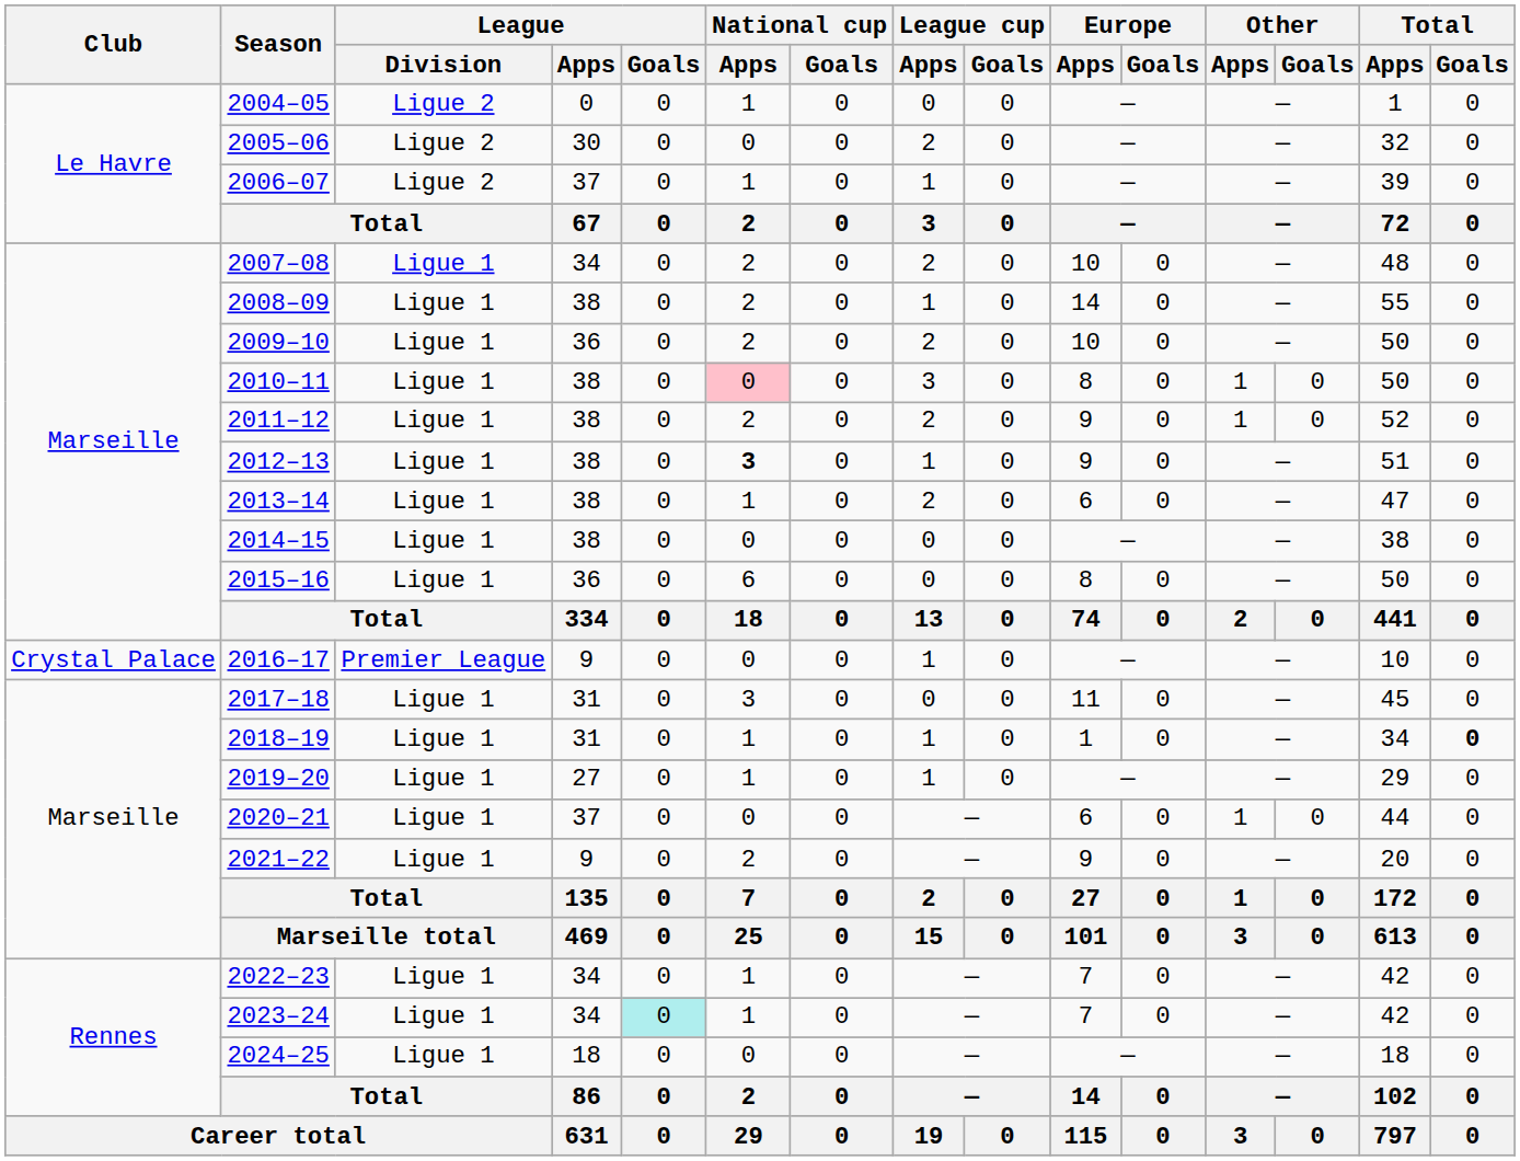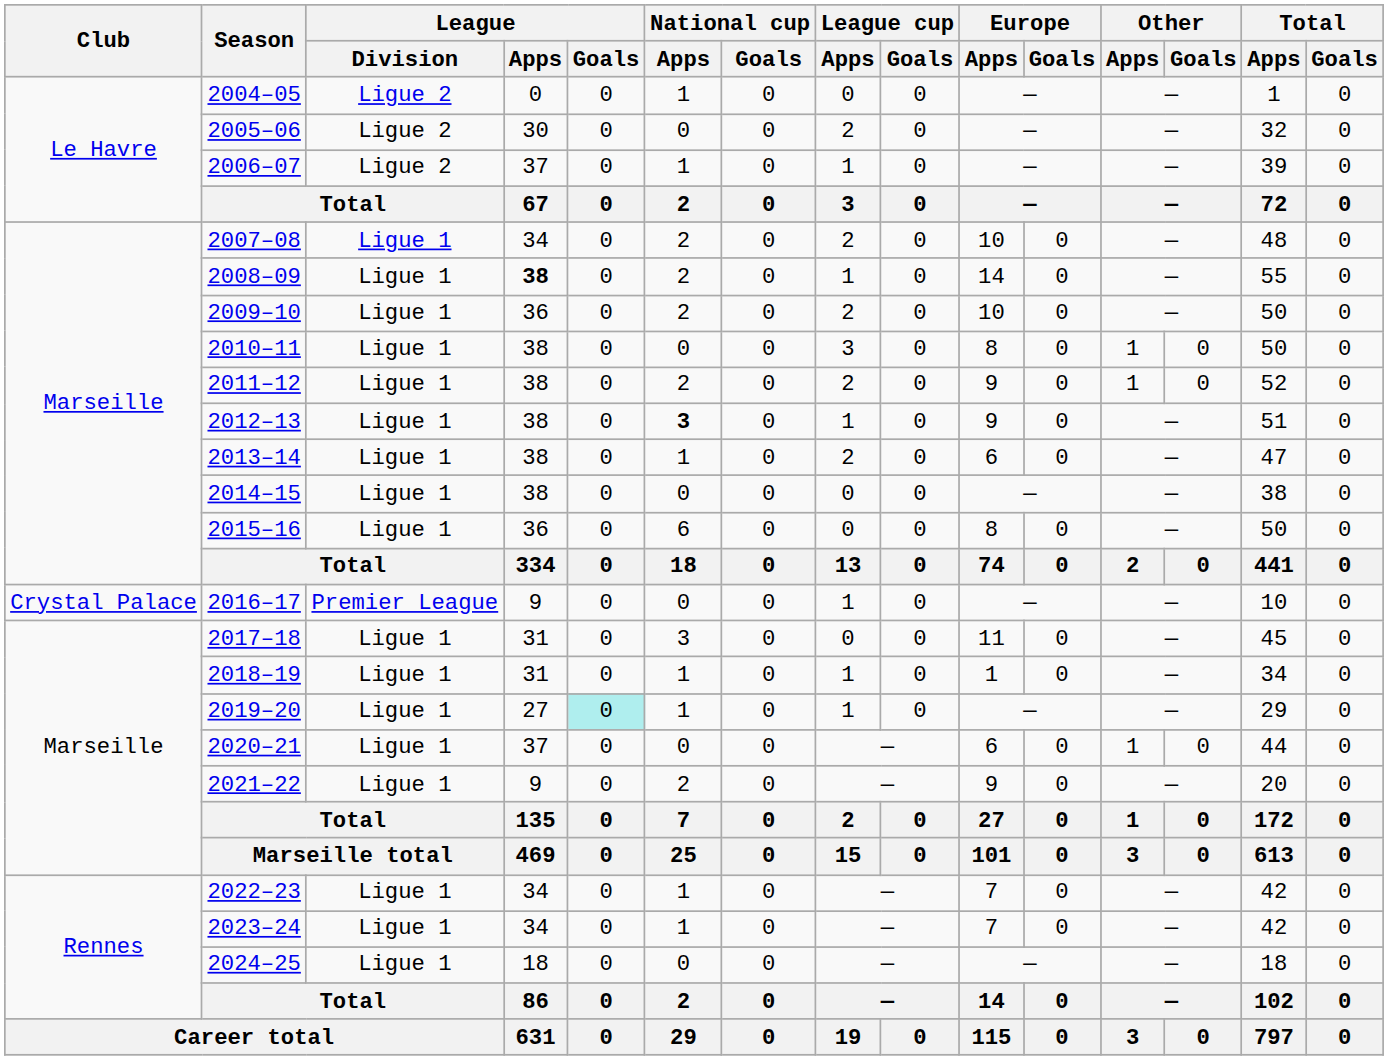 <table class="wikitable" style="text-align: center;">
 <tr>
 <th rowspan="2">Club</th>
 <th rowspan="2">Season</th>
 <th colspan="3">League</th>
 <th colspan="2">National cup</th>
 <th colspan="2">League cup</th>
 <th colspan="2">Europe</th>
 <th colspan="2">Other</th>
 <th colspan="2">Total</th>
 </tr>
 <tr>
 <th>Division</th>
 <th>Apps</th>
 <th>Goals</th>
 <th>Apps</th>
 <th>Goals</th>
 <th>Apps</th>
 <th>Goals</th>
 <th>Apps</th>
 <th>Goals</th>
 <th>Apps</th>
 <th>Goals</th>
 <th>Apps</th>
 <th>Goals</th>
 </tr>
 <tr>
 <td rowspan="4"><a href='#'>Le Havre</a></td>
 <td><a href='#'>2004–05</a></td>
 <td><a href='#'>Ligue 2</a></td>
 <td>0</td>
 <td>0</td>
 <td>1</td>
 <td>0</td>
 <td>0</td>
 <td>0</td>
 <td colspan="2">—</td>
 <td colspan="2">—</td>
 <td>1</td>
 <td>0</td>
 </tr>
 <tr>
 <td><a href='#'>2005–06</a></td>
 <td>Ligue 2</td>
 <td>30</td>
 <td>0</td>
 <td>0</td>
 <td>0</td>
 <td>2</td>
 <td>0</td>
 <td colspan="2">—</td>
 <td colspan="2">—</td>
 <td>32</td>
 <td>0</td>
 </tr>
 <tr>
 <td><a href='#'>2006–07</a></td>
 <td>Ligue 2</td>
 <td>37</td>
 <td>0</td>
 <td>1</td>
 <td>0</td>
 <td>1</td>
 <td>0</td>
 <td colspan="2">—</td>
 <td colspan="2">—</td>
 <td>39</td>
 <td>0</td>
 </tr>
 <tr>
 <th colspan="2">Total</th>
 <th>67</th>
 <th>0</th>
 <th>2</th>
 <th>0</th>
 <th>3</th>
 <th>0</th>
 <th colspan="2">—</th>
 <th colspan="2">—</th>
 <th>72</th>
 <th>0</th>
 </tr>
 <tr>
 <td rowspan="10"><a href='#'>Marseille</a></td>
 <td><a href='#'>2007–08</a></td>
 <td><a href='#'>Ligue 1</a></td>
 <td>34</td>
 <td>0</td>
 <td>2</td>
 <td>0</td>
 <td>2</td>
 <td>0</td>
 <td>10</td>
 <td>0</td>
 <td colspan="2">—</td>
 <td>48</td>
 <td>0</td>
 </tr>
 <tr>
 <td><a href='#'>2008–09</a></td>
 <td>Ligue 1</td>
-<td>38</td>
+<td><strong>38</strong></td>
 <td>0</td>
 <td>2</td>
 <td>0</td>
 <td>1</td>
 <td>0</td>
 <td>14</td>
 <td>0</td>
 <td colspan="2">—</td>
 <td>55</td>
 <td>0</td>
 </tr>
 <tr>
 <td><a href='#'>2009–10</a></td>
 <td>Ligue 1</td>
 <td>36</td>
 <td>0</td>
 <td>2</td>
 <td>0</td>
 <td>2</td>
 <td>0</td>
 <td>10</td>
 <td>0</td>
 <td colspan="2">—</td>
 <td>50</td>
 <td>0</td>
 </tr>
 <tr>
 <td><a href='#'>2010–11</a></td>
 <td>Ligue 1</td>
 <td>38</td>
 <td>0</td>
-<td style="background: pink;">0</td>
+<td>0</td>
 <td>0</td>
 <td>3</td>
 <td>0</td>
 <td>8</td>
 <td>0</td>
 <td>1</td>
 <td>0</td>
 <td>50</td>
 <td>0</td>
 </tr>
 <tr>
 <td><a href='#'>2011–12</a></td>
 <td>Ligue 1</td>
 <td>38</td>
 <td>0</td>
 <td>2</td>
 <td>0</td>
 <td>2</td>
 <td>0</td>
 <td>9</td>
 <td>0</td>
 <td>1</td>
 <td>0</td>
 <td>52</td>
 <td>0</td>
 </tr>
 <tr>
 <td><a href='#'>2012–13</a></td>
 <td>Ligue 1</td>
 <td>38</td>
 <td>0</td>
 <td><strong>3</strong></td>
 <td>0</td>
 <td>1</td>
 <td>0</td>
 <td>9</td>
 <td>0</td>
 <td colspan="2">—</td>
 <td>51</td>
 <td>0</td>
 </tr>
 <tr>
 <td><a href='#'>2013–14</a></td>
 <td>Ligue 1</td>
 <td>38</td>
 <td>0</td>
 <td>1</td>
 <td>0</td>
 <td>2</td>
 <td>0</td>
 <td>6</td>
 <td>0</td>
 <td colspan="2">—</td>
 <td>47</td>
 <td>0</td>
 </tr>
 <tr>
 <td><a href='#'>2014–15</a></td>
 <td>Ligue 1</td>
 <td>38</td>
 <td>0</td>
 <td>0</td>
 <td>0</td>
 <td>0</td>
 <td>0</td>
 <td colspan="2">—</td>
 <td colspan="2">—</td>
 <td>38</td>
 <td>0</td>
 </tr>
 <tr>
 <td><a href='#'>2015–16</a></td>
 <td>Ligue 1</td>
 <td>36</td>
 <td>0</td>
 <td>6</td>
 <td>0</td>
 <td>0</td>
 <td>0</td>
 <td>8</td>
 <td>0</td>
 <td colspan="2">—</td>
 <td>50</td>
 <td>0</td>
 </tr>
 <tr>
 <th colspan="2">Total</th>
 <th>334</th>
 <th>0</th>
 <th>18</th>
 <th>0</th>
 <th>13</th>
 <th>0</th>
 <th>74</th>
 <th>0</th>
 <th>2</th>
 <th>0</th>
 <th>441</th>
 <th>0</th>
 </tr>
 <tr>
 <td><a href='#'>Crystal Palace</a></td>
 <td><a href='#'>2016–17</a></td>
 <td><a href='#'>Premier League</a></td>
 <td>9</td>
 <td>0</td>
 <td>0</td>
 <td>0</td>
 <td>1</td>
 <td>0</td>
 <td colspan="2">—</td>
 <td colspan="2">—</td>
 <td>10</td>
 <td>0</td>
 </tr>
 <tr>
 <td rowspan="7">Marseille</td>
 <td><a href='#'>2017–18</a></td>
 <td>Ligue 1</td>
 <td>31</td>
 <td>0</td>
 <td>3</td>
 <td>0</td>
 <td>0</td>
 <td>0</td>
 <td>11</td>
 <td>0</td>
 <td colspan="2">—</td>
 <td>45</td>
 <td>0</td>
 </tr>
 <tr>
 <td><a href='#'>2018–19</a></td>
 <td>Ligue 1</td>
 <td>31</td>
 <td>0</td>
 <td>1</td>
 <td>0</td>
 <td>1</td>
 <td>0</td>
 <td>1</td>
 <td>0</td>
 <td colspan="2">—</td>
 <td>34</td>
-<td><strong>0</strong></td>
+<td>0</td>
 </tr>
 <tr>
 <td><a href='#'>2019–20</a></td>
 <td>Ligue 1</td>
 <td>27</td>
-<td>0</td>
+<td style="background: paleturquoise;">0</td>
 <td>1</td>
 <td>0</td>
 <td>1</td>
 <td>0</td>
 <td colspan="2">—</td>
 <td colspan="2">—</td>
 <td>29</td>
 <td>0</td>
 </tr>
 <tr>
 <td><a href='#'>2020–21</a></td>
 <td>Ligue 1</td>
 <td>37</td>
 <td>0</td>
 <td>0</td>
 <td>0</td>
 <td colspan="2">—</td>
 <td>6</td>
 <td>0</td>
 <td>1</td>
 <td>0</td>
 <td>44</td>
 <td>0</td>
 </tr>
 <tr>
 <td><a href='#'>2021–22</a></td>
 <td>Ligue 1</td>
 <td>9</td>
 <td>0</td>
 <td>2</td>
 <td>0</td>
 <td colspan="2">—</td>
 <td>9</td>
 <td>0</td>
 <td colspan="2">—</td>
 <td>20</td>
 <td>0</td>
 </tr>
 <tr>
 <th colspan="2">Total</th>
 <th>135</th>
 <th>0</th>
 <th>7</th>
 <th>0</th>
 <th>2</th>
 <th>0</th>
 <th>27</th>
 <th>0</th>
 <th>1</th>
 <th>0</th>
 <th>172</th>
 <th>0</th>
 </tr>
 <tr>
 <th colspan="2">Marseille total</th>
 <th>469</th>
 <th>0</th>
 <th>25</th>
 <th>0</th>
 <th>15</th>
 <th>0</th>
 <th>101</th>
 <th>0</th>
 <th>3</th>
 <th>0</th>
 <th>613</th>
 <th>0</th>
 </tr>
 <tr>
 <td rowspan="4"><a href='#'>Rennes</a></td>
 <td><a href='#'>2022–23</a></td>
 <td>Ligue 1</td>
 <td>34</td>
 <td>0</td>
 <td>1</td>
 <td>0</td>
 <td colspan="2">—</td>
 <td>7</td>
 <td>0</td>
 <td colspan="2">—</td>
 <td>42</td>
 <td>0</td>
 </tr>
 <tr>
 <td><a href='#'>2023–24</a></td>
 <td>Ligue 1</td>
 <td>34</td>
-<td style="background: paleturquoise;">0</td>
+<td>0</td>
 <td>1</td>
 <td>0</td>
 <td colspan="2">—</td>
 <td>7</td>
 <td>0</td>
 <td colspan="2">—</td>
 <td>42</td>
 <td>0</td>
 </tr>
 <tr>
 <td><a href='#'>2024–25</a></td>
 <td>Ligue 1</td>
 <td>18</td>
 <td>0</td>
 <td>0</td>
 <td>0</td>
 <td colspan="2">—</td>
 <td colspan="2">—</td>
 <td colspan="2">—</td>
 <td>18</td>
 <td>0</td>
 </tr>
 <tr>
 <th colspan="2">Total</th>
 <th>86</th>
 <th>0</th>
 <th>2</th>
 <th>0</th>
 <th colspan="2">—</th>
 <th>14</th>
 <th>0</th>
 <th colspan="2">—</th>
 <th>102</th>
 <th>0</th>
 </tr>
 <tr>
 <th colspan="3">Career total</th>
 <th>631</th>
 <th>0</th>
 <th>29</th>
 <th>0</th>
 <th>19</th>
 <th>0</th>
 <th>115</th>
 <th>0</th>
 <th>3</th>
 <th>0</th>
 <th>797</th>
 <th>0</th>
 </tr>
 </table>
